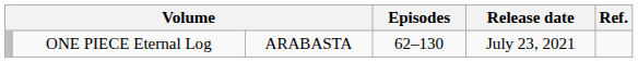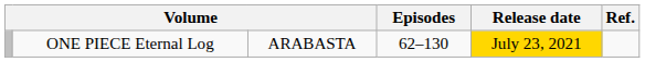 <table class="wikitable" style="text-align: center; width: 98%;">
 <tr>
 <th colspan="3">Volume</th>
 <th>Episodes</th>
 <th>Release date</th>
 <th width="5%">Ref.</th>
 </tr>
 <tr>
 <td width="1%" style="background: #C0C0C0;"></td>
 <td>ONE PIECE Eternal Log</td>
 <td>ARABASTA</td>
 <td>62–130</td>
-<td>July 23, 2021</td>
+<td style="background: gold;">July 23, 2021</td>
 <td></td>
 </tr>
 </table>
